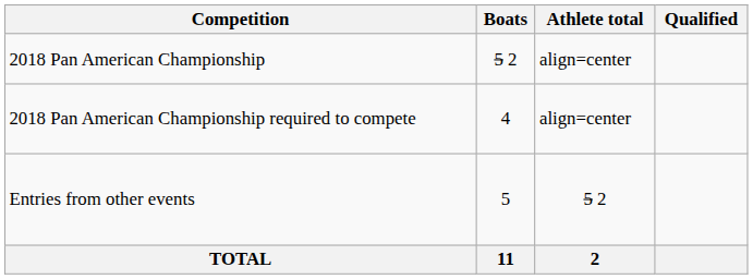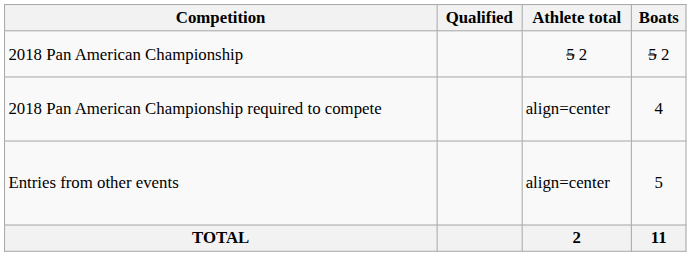 <table class="wikitable" width=650>
 <tr>
 <th>Competition</th>
+<th>Qualified</th>
+<th>Athlete total</th>
 <th>Boats</th>
-<th>Athlete total</th>
-<th>Qualified</th>
 </tr>
 <tr>
 <td>2018 Pan American Championship</td>
+<td><br><br><s></s></td>
 <td align=center><s>5</s> 2</td>
-<td>align=center </td>
-<td><br><br><s></s></td>
+<td align=center><s>5</s> 2</td>
 </tr>
 <tr>
 <td>2018 Pan American Championship required to compete</td>
+<td><br><br><br></td>
+<td>align=center </td>
 <td align=center>4</td>
-<td>align=center </td>
-<td><br><br><br></td>
 </tr>
 <tr>
 <td>Entries from other events</td>
+<td><br><br><br><br></td>
+<td>align=center </td>
 <td align=center>5</td>
-<td align=center><s>5</s> 2</td>
-<td><br><br><br><br></td>
 </tr>
 <tr>
 <th>TOTAL</th>
+<th></th>
+<th>2</th>
 <th>11</th>
-<th>2</th>
-<th></th>
 </tr>
 </table>
